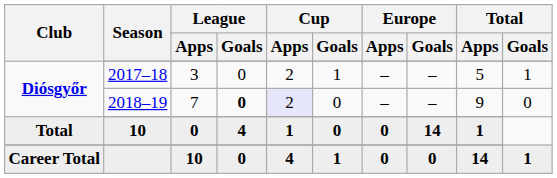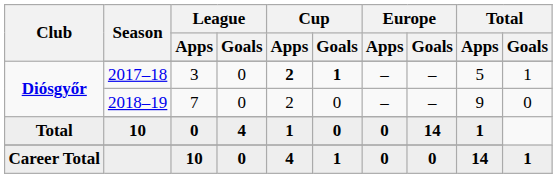 <table class="wikitable" style="font-size:90%; text-align: center;">
 <tr>
 <th rowspan="2">Club</th>
 <th rowspan="2">Season</th>
 <th colspan="2">League</th>
 <th colspan="2">Cup</th>
 <th colspan="2">Europe</th>
 <th colspan="2">Total</th>
 </tr>
 <tr>
 <th>Apps</th>
 <th>Goals</th>
 <th>Apps</th>
 <th>Goals</th>
 <th>Apps</th>
 <th>Goals</th>
 <th>Apps</th>
 <th>Goals</th>
 </tr>
 <tr ||-||-||-|->
 <td rowspan="4" valign="center"><strong><a href='#'>Diósgyőr</a></strong></td>
 </tr>
 <tr>
 <td><a href='#'>2017–18</a></td>
 <td>3</td>
 <td>0</td>
-<td>2</td>
-<td>1</td>
+<td><strong>2</strong></td>
+<td><strong>1</strong></td>
 <td>–</td>
 <td>–</td>
 <td>5</td>
 <td>1</td>
 </tr>
 <tr>
 <td><a href='#'>2018–19</a></td>
 <td>7</td>
-<td><strong>0</strong></td>
-<td style="background: lavender;">2</td>
+<td>0</td>
+<td>2</td>
 <td>0</td>
 <td>–</td>
 <td>–</td>
 <td>9</td>
 <td>0</td>
 </tr>
 <tr>
 </tr>
 <tr style="font-weight:bold; background-color:#eeeeee;">
 <td>Total</td>
 <td>10</td>
 <td>0</td>
 <td>4</td>
 <td>1</td>
 <td>0</td>
 <td>0</td>
 <td>14</td>
 <td>1</td>
 </tr>
 <tr>
 </tr>
 <tr style="font-weight:bold; background-color:#eeeeee;">
 <td rowspan="2" valign="top"><strong>Career Total</strong></td>
 <td></td>
 <td><strong>10</strong></td>
 <td><strong>0</strong></td>
 <td><strong>4</strong></td>
 <td><strong>1</strong></td>
 <td><strong>0</strong></td>
 <td><strong>0</strong></td>
 <td><strong>14</strong></td>
 <td><strong>1</strong></td>
 </tr>
 </table>
